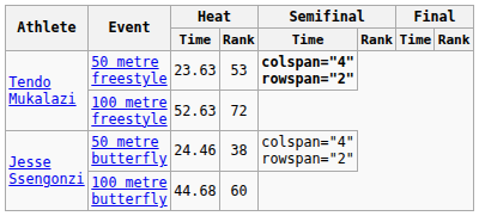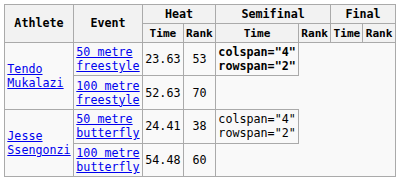 <table class="wikitable" style="text-align:center; font-size:90%; width:50%;">
 <tr>
 <th rowspan="2">Athlete</th>
 <th rowspan="2">Event</th>
 <th colspan="2">Heat</th>
 <th colspan="2">Semifinal</th>
 <th colspan="2">Final</th>
 </tr>
 <tr style="font-size:95%">
 <th>Time</th>
 <th>Rank</th>
 <th>Time</th>
 <th>Rank</th>
 <th>Time</th>
 <th>Rank</th>
 </tr>
 <tr align=center>
 <td align=left rowspan="2"><a href='#'>Tendo Mukalazi</a></td>
 <td align=left><a href='#'>50 metre freestyle</a></td>
 <td>23.63</td>
 <td>53</td>
 <td><strong>colspan="4" rowspan="2"</strong></td>
 </tr>
 <tr align=center>
 <td align=left><a href='#'>100 metre freestyle</a></td>
 <td>52.63</td>
-<td>72</td>
+<td>70</td>
 </tr>
 <tr align=center>
 <td align=left rowspan="2"><a href='#'>Jesse Ssengonzi</a></td>
 <td align=left><a href='#'>50 metre butterfly</a></td>
-<td>24.46</td>
+<td>24.41</td>
 <td>38</td>
 <td>colspan="4" rowspan="2" </td>
 </tr>
 <tr align=center>
 <td align=left><a href='#'>100 metre butterfly</a></td>
-<td>44.68</td>
+<td>54.48</td>
 <td>60</td>
 </tr>
 </table>
